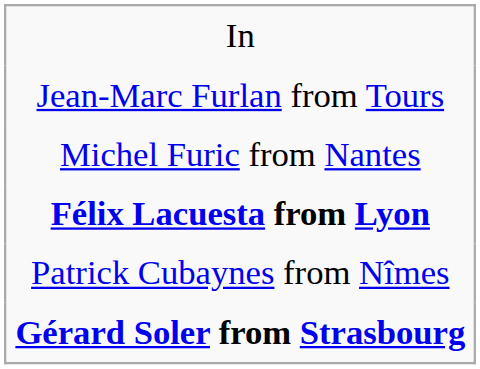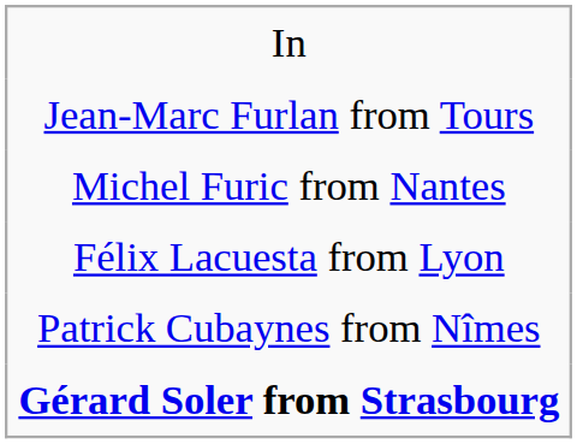 <table class= border="2" cellpadding="4" cellspacing="0" style="text-align:center; margin: 1em 1em 1em 0; background: #f9f9f9; border:1px #aaa solid; border-collapse: collapse; font-size: 95%">
 <tr>
 <td>In</td>
 </tr>
 <tr>
 <td><a href='#'>Jean-Marc Furlan</a> from <a href='#'>Tours</a></td>
 </tr>
 <tr>
 <td><a href='#'>Michel Furic</a> from <a href='#'>Nantes</a></td>
 </tr>
 <tr>
-<td><strong><a href='#'>Félix Lacuesta</a> from <a href='#'>Lyon</a></strong></td>
+<td><a href='#'>Félix Lacuesta</a> from <a href='#'>Lyon</a></td>
 </tr>
 <tr>
 <td><a href='#'>Patrick Cubaynes</a> from <a href='#'>Nîmes</a></td>
 </tr>
 <tr>
 <td><strong><a href='#'>Gérard Soler</a> from <a href='#'>Strasbourg</a></strong></td>
 </tr>
 <tr>
 </tr>
 </table>
